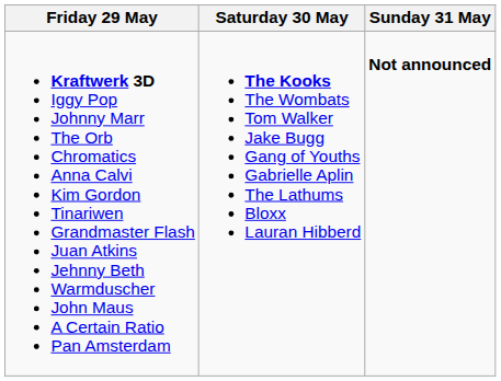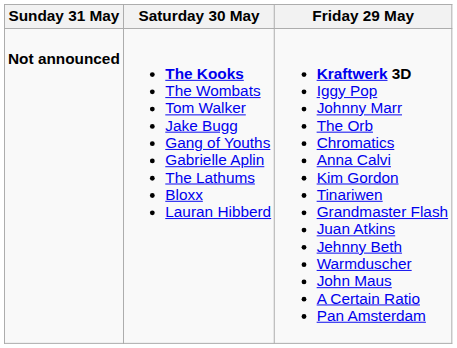 <table class="wikitable">
 <tr>
+<th>Sunday 31 May</th>
+<th>Saturday 30 May</th>
 <th>Friday 29 May</th>
-<th>Saturday 30 May</th>
-<th>Sunday 31 May</th>
 </tr>
 <tr>
+<td style="vertical-align:top;"><br><strong>Not announced</strong></td>
+<td style="vertical-align:top;"><br><ul><li><strong><a href='#'>The Kooks</a></strong></li><li><a href='#'>The Wombats</a></li><li><a href='#'>Tom Walker</a></li><li><a href='#'>Jake Bugg</a></li><li><a href='#'>Gang of Youths</a></li><li><a href='#'>Gabrielle Aplin</a></li><li><a href='#'>The Lathums</a></li><li><a href='#'>Bloxx</a></li><li><a href='#'>Lauran Hibberd</a></li></ul></td>
 <td style="vertical-align:top;"><br><ul><li><strong><a href='#'>Kraftwerk</a> 3D</strong></li><li><a href='#'>Iggy Pop</a></li><li><a href='#'>Johnny Marr</a></li><li><a href='#'>The Orb</a></li><li><a href='#'>Chromatics</a></li><li><a href='#'>Anna Calvi</a></li><li><a href='#'>Kim Gordon</a></li><li><a href='#'>Tinariwen</a></li><li><a href='#'>Grandmaster Flash</a></li><li><a href='#'>Juan Atkins</a></li><li><a href='#'>Jehnny Beth</a></li><li><a href='#'>Warmduscher</a></li><li><a href='#'>John Maus</a></li><li><a href='#'>A Certain Ratio</a></li><li><a href='#'>Pan Amsterdam</a></li></ul></td>
-<td style="vertical-align:top;"><br><ul><li><strong><a href='#'>The Kooks</a></strong></li><li><a href='#'>The Wombats</a></li><li><a href='#'>Tom Walker</a></li><li><a href='#'>Jake Bugg</a></li><li><a href='#'>Gang of Youths</a></li><li><a href='#'>Gabrielle Aplin</a></li><li><a href='#'>The Lathums</a></li><li><a href='#'>Bloxx</a></li><li><a href='#'>Lauran Hibberd</a></li></ul></td>
-<td style="vertical-align:top;"><br><strong>Not announced</strong></td>
 </tr>
 </table>
